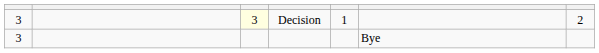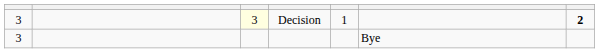 <table class="wikitable" style="text-align: center;">
 <tr>
 <th width=30></th>
 <th width=270></th>
 <th width=30></th>
 <th width=75></th>
 <th width=30></th>
 <th width=270></th>
 <th width=30></th>
 </tr>
 <tr>
 <td>3</td>
 <td align=left></td>
 <td style="background: lightyellow;">3</td>
 <td>Decision</td>
 <td>1</td>
 <td align=left><strong></strong></td>
-<td>2</td>
+<td><strong>2</strong></td>
 </tr>
 <tr>
 <td>3</td>
 <td align=left><strong></strong></td>
 <td></td>
 <td></td>
 <td></td>
 <td align=left>Bye</td>
 <td></td>
 </tr>
 </table>
